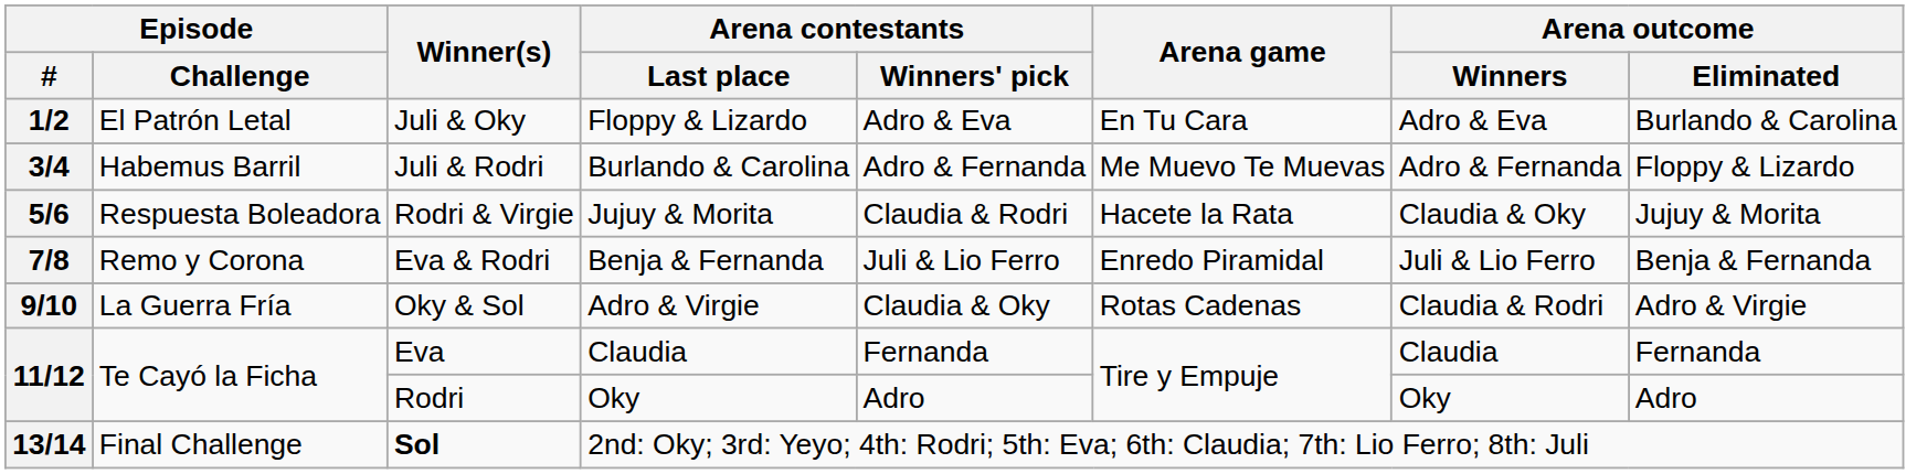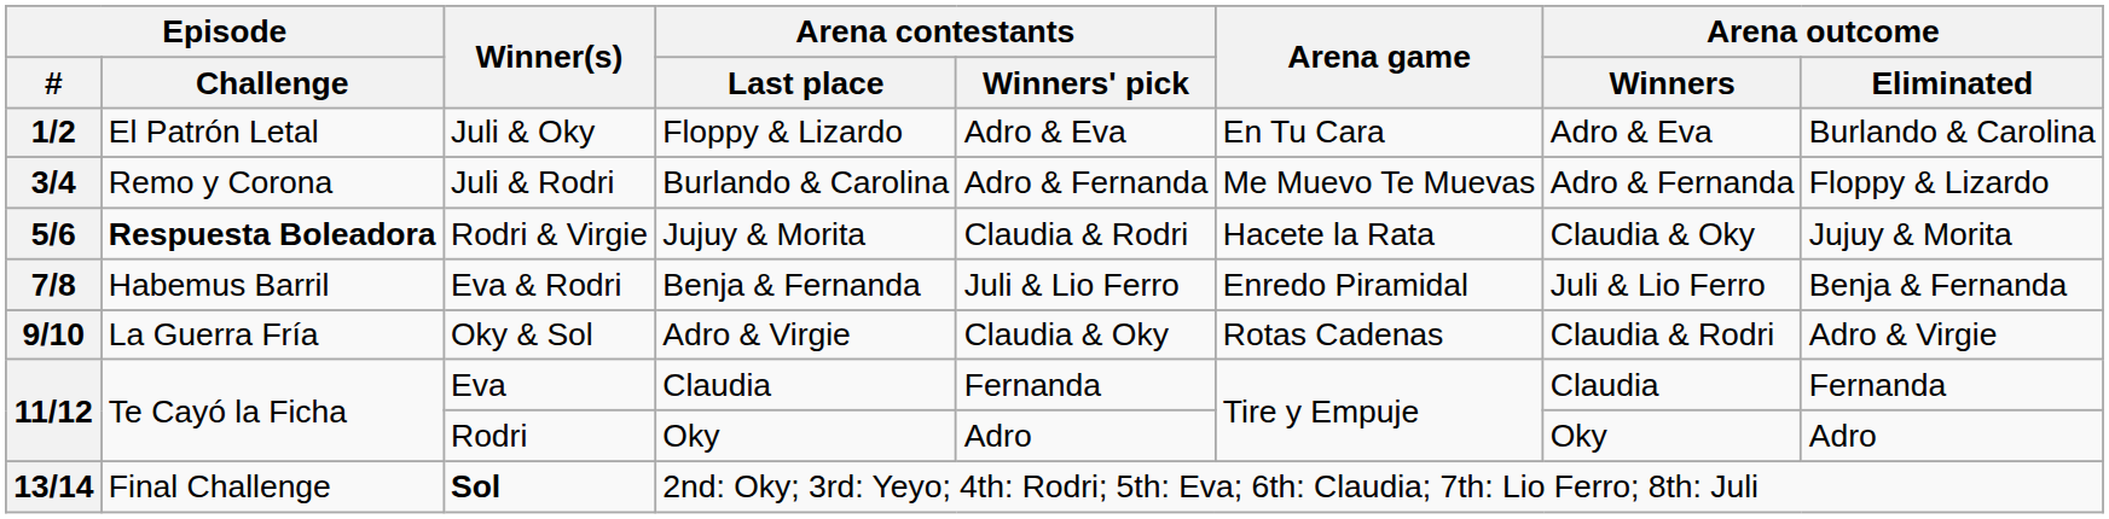 <table class="wikitable" style="font-size:90%; white-space:nowrap">
 <tr>
 <th colspan=2>Episode</th>
 <th rowspan="2">Winner(s)</th>
 <th colspan="2">Arena contestants</th>
 <th rowspan=2>Arena game</th>
 <th colspan="2">Arena outcome</th>
 </tr>
 <tr>
 <th>#</th>
 <th>Challenge</th>
 <th>Last place</th>
 <th>Winners' pick</th>
 <th>Winners</th>
 <th>Eliminated</th>
 </tr>
 <tr>
 <th>1/2</th>
 <td>El Patrón Letal</td>
 <td>Juli & Oky</td>
 <td>Floppy & Lizardo</td>
 <td>Adro & Eva</td>
 <td>En Tu Cara</td>
 <td>Adro & Eva</td>
 <td>Burlando & Carolina</td>
 </tr>
 <tr>
 <th>3/4</th>
-<td>Habemus Barril</td>
+<td>Remo y Corona</td>
 <td>Juli & Rodri</td>
 <td>Burlando & Carolina</td>
 <td>Adro & Fernanda</td>
 <td>Me Muevo Te Muevas</td>
 <td>Adro & Fernanda</td>
 <td>Floppy & Lizardo</td>
 </tr>
 <tr>
 <th>5/6</th>
-<td>Respuesta Boleadora</td>
+<td><strong>Respuesta Boleadora</strong></td>
 <td>Rodri & Virgie</td>
 <td>Jujuy & Morita</td>
 <td>Claudia & Rodri</td>
 <td>Hacete la Rata</td>
 <td>Claudia & Oky</td>
 <td>Jujuy & Morita</td>
 </tr>
 <tr>
 <th>7/8</th>
-<td>Remo y Corona</td>
+<td>Habemus Barril</td>
 <td>Eva & Rodri</td>
 <td>Benja & Fernanda</td>
 <td>Juli & Lio Ferro</td>
 <td>Enredo Piramidal</td>
 <td>Juli & Lio Ferro</td>
 <td>Benja & Fernanda</td>
 </tr>
 <tr>
 <th>9/10</th>
 <td>La Guerra Fría</td>
 <td>Oky & Sol</td>
 <td>Adro & Virgie</td>
 <td>Claudia & Oky</td>
 <td>Rotas Cadenas</td>
 <td>Claudia & Rodri</td>
 <td>Adro & Virgie</td>
 </tr>
 <tr>
 <th rowspan=2>11/12</th>
 <td rowspan=2>Te Cayó la Ficha</td>
 <td>Eva</td>
 <td>Claudia</td>
 <td>Fernanda</td>
 <td rowspan=2>Tire y Empuje</td>
 <td>Claudia</td>
 <td>Fernanda</td>
 </tr>
 <tr>
 <td>Rodri</td>
 <td>Oky</td>
 <td>Adro</td>
 <td>Oky</td>
 <td>Adro</td>
 </tr>
 <tr>
 <th>13/14</th>
 <td>Final Challenge</td>
 <td><strong>Sol</strong></td>
 <td colspan="8">2nd: Oky; 3rd: Yeyo; 4th: Rodri; 5th: Eva; 6th: Claudia; 7th: Lio Ferro; 8th: Juli</td>
 </tr>
 </table>
